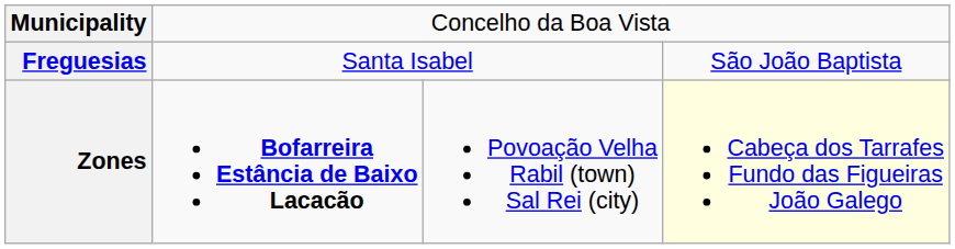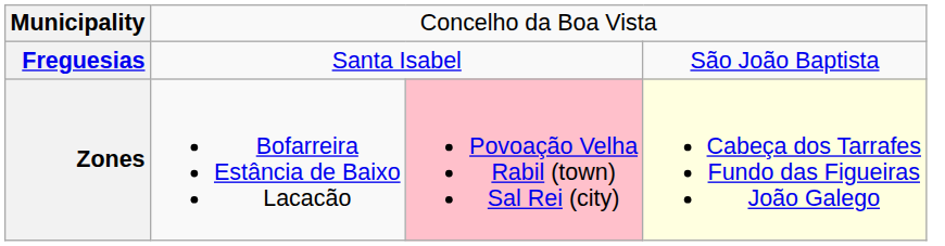 <table class="wikitable" style="text-align:center;">
 <tr>
 <th style="text-align:right;">Municipality</th>
 <td colspan=3 style="text-align:center;">Concelho da Boa Vista</td>
 </tr>
 <tr>
 <th style="text-align:right;"><a href='#'>Freguesias</a></th>
 <td colspan=2 style="text-align:center;"><a href='#'>Santa Isabel</a></td>
 <td style="text-align:center;"><a href='#'>São João Baptista</a></td>
 </tr>
 <tr>
 <th style="text-align:right;">Zones</th>
-<td><strong><br><ul><li><a href='#'>Bofarreira</a></li><li><a href='#'>Estância de Baixo</a></li><li>Lacacão</li></ul></strong></td>
-<td><br><ul><li><a href='#'>Povoação Velha</a></li><li><a href='#'>Rabil</a> (town)</li><li><a href='#'>Sal Rei</a> (city)</li></ul></td>
+<td><br><ul><li><a href='#'>Bofarreira</a></li><li><a href='#'>Estância de Baixo</a></li><li>Lacacão</li></ul></td>
+<td style="background: pink;"><br><ul><li><a href='#'>Povoação Velha</a></li><li><a href='#'>Rabil</a> (town)</li><li><a href='#'>Sal Rei</a> (city)</li></ul></td>
 <td style="background: lightyellow;"><br><ul><li><a href='#'>Cabeça dos Tarrafes</a></li><li><a href='#'>Fundo das Figueiras</a></li><li><a href='#'>João Galego</a></li></ul></td>
 </tr>
 </table>
